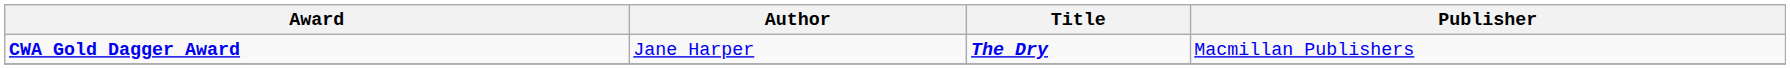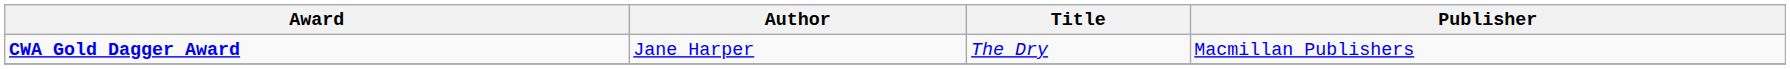 <table class="wikitable" width=100%>
 <tr>
 <th>Award</th>
 <th>Author</th>
 <th>Title</th>
 <th>Publisher</th>
 </tr>
 <tr>
 <td><strong><a href='#'>CWA Gold Dagger Award</a></strong></td>
 <td><a href='#'>Jane Harper</a></td>
-<td><strong><em><a href='#'>The Dry</a></em></strong></td>
+<td><em><a href='#'>The Dry</a></em></td>
 <td><a href='#'>Macmillan Publishers</a></td>
 </tr>
 <tr>
 </tr>
 </table>
